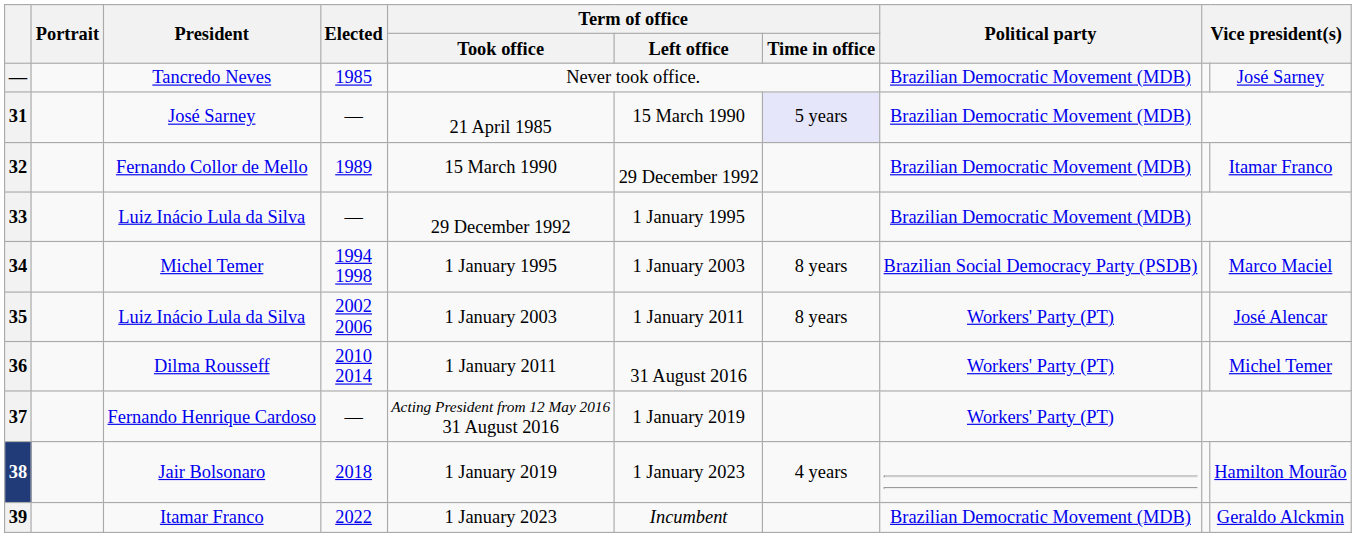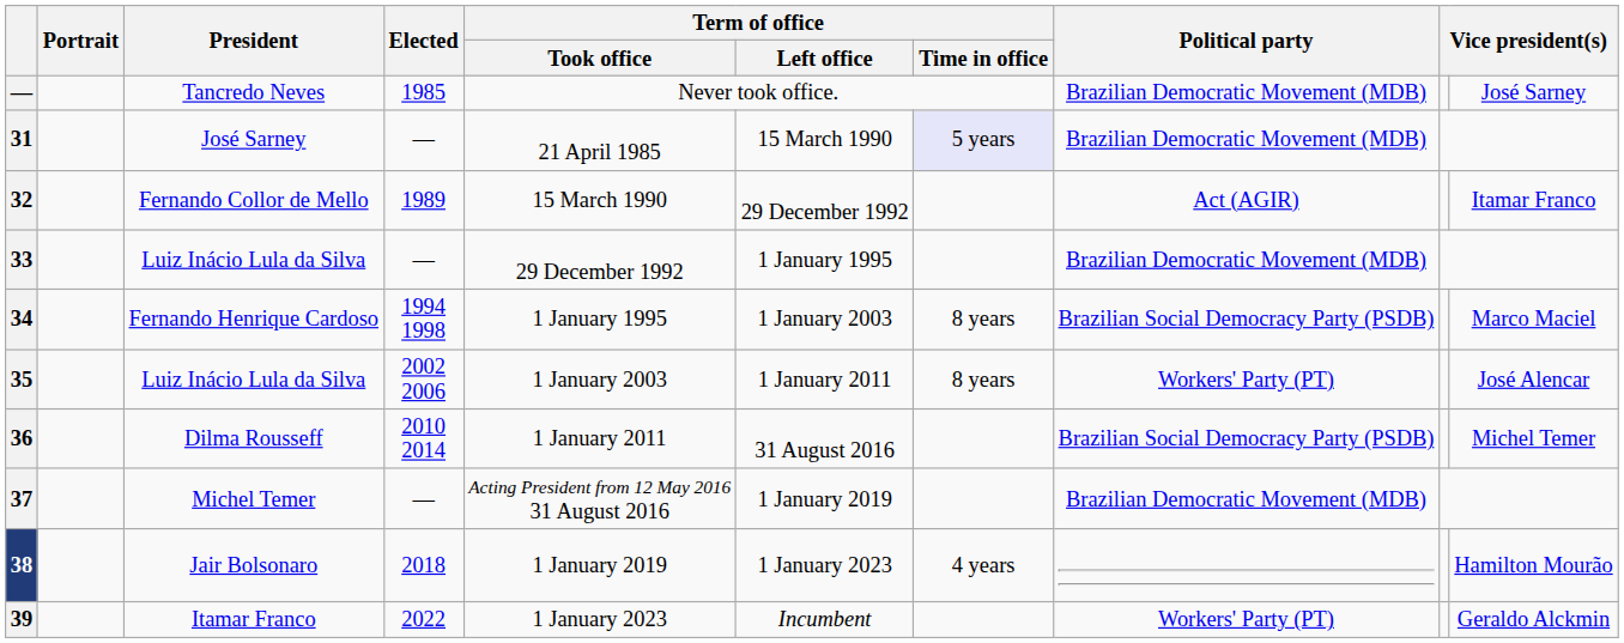 <table class="wikitable" style="text-align:center">
 <tr>
 <th rowspan="2"></th>
 <th rowspan="2">Portrait</th>
 <th rowspan="2">President<br></th>
 <th rowspan="2">Elected</th>
 <th colspan="3"><strong>Term of office</strong></th>
 <th rowspan="2">Political party</th>
 <th colspan="2" rowspan="2">Vice president(s)</th>
 </tr>
 <tr bgcolor="#cccccc">
 <th>Took office</th>
 <th>Left office</th>
 <th>Time in office</th>
 </tr>
 <tr>
 <th style="background:">—</th>
 <td></td>
 <td><a href='#'>Tancredo Neves</a><br></td>
 <td><a href='#'>1985</a></td>
 <td colspan="3" align="center">Never took office.</td>
 <td><a href='#'>Brazilian Democratic Movement (MDB)</a><br></td>
 <td style="background:"></td>
 <td><a href='#'>José Sarney</a><br></td>
 </tr>
 <tr>
 <th style="background:">31</th>
 <td></td>
 <td><a href='#'>José Sarney</a><br></td>
 <td>—</td>
 <td><br>21 April 1985</td>
 <td>15 March 1990</td>
 <td style="background: lavender;">5 years</td>
 <td><a href='#'>Brazilian Democratic Movement (MDB)</a><br></td>
 <td colspan="2" ></td>
 </tr>
 <tr>
 <th style="background:">32</th>
 <td></td>
 <td><a href='#'>Fernando Collor de Mello</a><br></td>
 <td><a href='#'>1989</a></td>
 <td>15 March 1990</td>
 <td><br>29 December 1992</td>
 <td></td>
-<td><a href='#'>Brazilian Democratic Movement (MDB)</a><br></td>
+<td><a href='#'>Act (AGIR)</a><br></td>
 <td style="background:"></td>
 <td><a href='#'>Itamar Franco</a><br></td>
 </tr>
 <tr>
 <th style="background:">33</th>
 <td></td>
 <td><a href='#'>Luiz Inácio Lula da Silva</a><br></td>
 <td>—</td>
 <td><br>29 December 1992</td>
 <td>1 January 1995</td>
 <td></td>
 <td><a href='#'>Brazilian Democratic Movement (MDB)</a><br></td>
 <td colspan="2" ></td>
 </tr>
 <tr>
 <th style="background:">34</th>
 <td></td>
-<td><a href='#'>Michel Temer</a><br></td>
+<td><a href='#'>Fernando Henrique Cardoso</a><br></td>
 <td><a href='#'>1994</a><br><a href='#'>1998</a></td>
 <td>1 January 1995</td>
 <td>1 January 2003</td>
 <td>8 years</td>
 <td><a href='#'>Brazilian Social Democracy Party (PSDB)</a></td>
 <td style="background:"></td>
 <td><a href='#'>Marco Maciel</a><br></td>
 </tr>
 <tr>
 <th style="background:">35</th>
 <td></td>
 <td><a href='#'>Luiz Inácio Lula da Silva</a><br></td>
 <td><a href='#'>2002</a><br><a href='#'>2006</a></td>
 <td>1 January 2003</td>
 <td>1 January 2011</td>
 <td>8 years</td>
 <td><a href='#'>Workers' Party (PT)</a></td>
 <td style="background:"></td>
 <td><a href='#'>José Alencar</a><br></td>
 </tr>
 <tr>
 <th style="background:">36</th>
 <td></td>
 <td><a href='#'>Dilma Rousseff</a><br></td>
 <td><a href='#'>2010</a><br><a href='#'>2014</a></td>
 <td>1 January 2011</td>
 <td><br>31 August 2016</td>
 <td></td>
-<td><a href='#'>Workers' Party (PT)</a></td>
+<td><a href='#'>Brazilian Social Democracy Party (PSDB)</a></td>
 <td style="background:"></td>
 <td><a href='#'>Michel Temer</a><br></td>
 </tr>
 <tr>
 <th style="background:">37</th>
 <td></td>
-<td><a href='#'>Fernando Henrique Cardoso</a><br></td>
+<td><a href='#'>Michel Temer</a><br></td>
 <td>—</td>
 <td><small><em>Acting President from 12 May 2016</em></small><br> 31 August 2016</td>
 <td>1 January 2019</td>
 <td></td>
-<td><a href='#'>Workers' Party (PT)</a></td>
+<td><a href='#'>Brazilian Democratic Movement (MDB)</a></td>
 <td colspan="2" ></td>
 </tr>
 <tr>
 <th style="background:#203B78; color:white;">38</th>
 <td></td>
 <td><a href='#'>Jair Bolsonaro</a><br></td>
 <td><a href='#'>2018</a></td>
 <td>1 January 2019</td>
 <td>1 January 2023</td>
 <td>4 years</td>
 <td><br><hr><hr></td>
 <td style="background:"></td>
 <td><a href='#'>Hamilton Mourão</a><br></td>
 </tr>
 <tr>
 <th style="background:">39</th>
 <td></td>
 <td><a href='#'>Itamar Franco</a><br></td>
 <td><a href='#'>2022</a></td>
 <td>1 January 2023</td>
 <td><em>Incumbent</em></td>
 <td></td>
-<td><a href='#'>Brazilian Democratic Movement (MDB)</a></td>
+<td><a href='#'>Workers' Party (PT)</a></td>
 <td style="background:"></td>
 <td><a href='#'>Geraldo Alckmin</a><br></td>
 </tr>
 </table>
